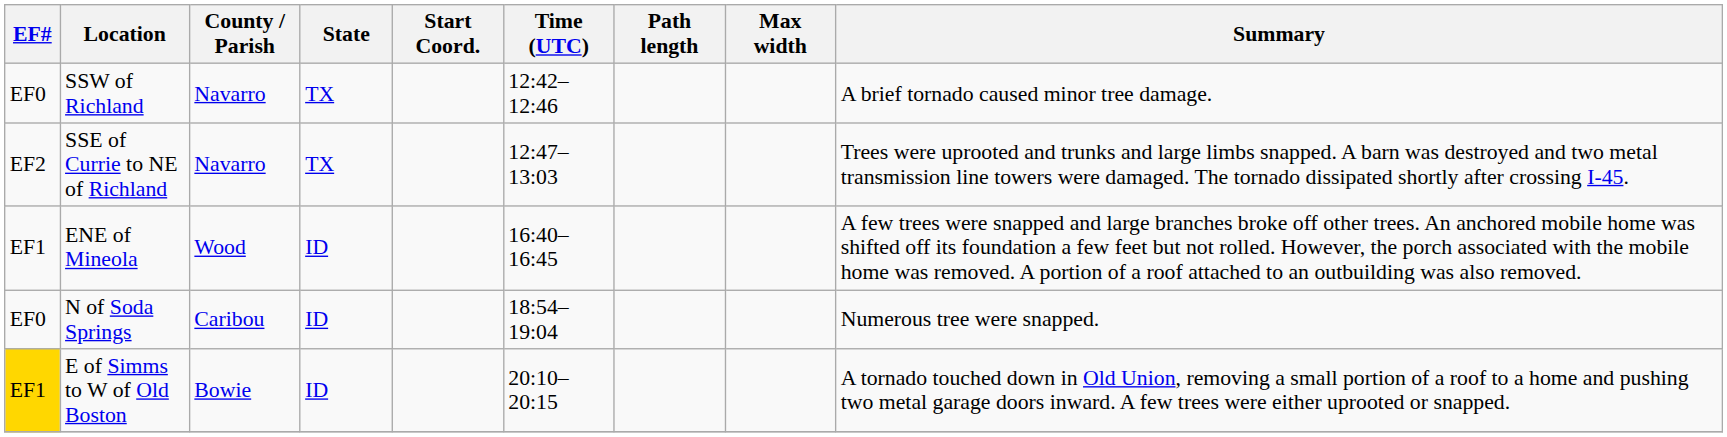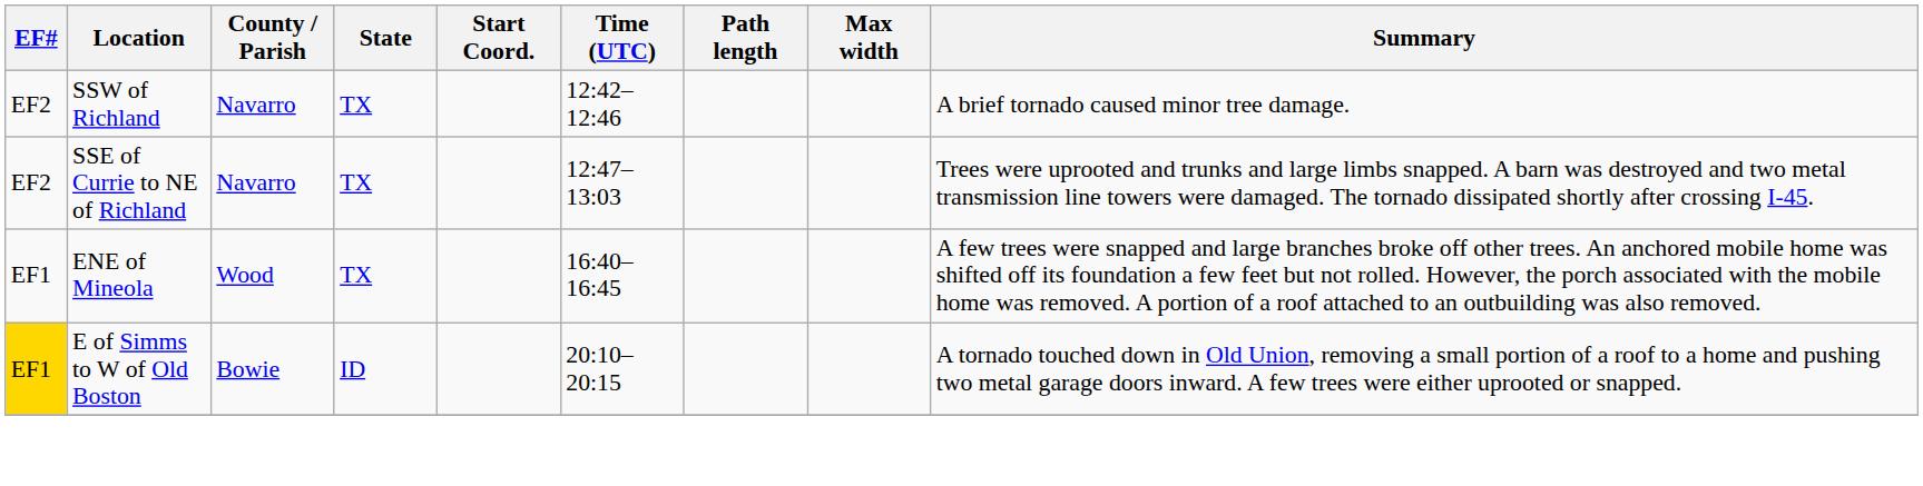 <table class="wikitable sortable" style="width:100%;">
 <tr>
 <th scope="col"  style="width:3%; text-align:center;"><a href='#'>EF#</a></th>
 <th scope="col"  style="width:7%; text-align:center;" class="unsortable">Location</th>
 <th scope="col"  style="width:6%; text-align:center;" class="unsortable">County / Parish</th>
 <th scope="col"  style="width:5%; text-align:center;">State</th>
 <th scope="col"  style="width:6%; text-align:center;">Start Coord.</th>
 <th scope="col"  style="width:6%; text-align:center;">Time (<a href='#'>UTC</a>)</th>
 <th scope="col"  style="width:6%; text-align:center;">Path length</th>
 <th scope="col"  style="width:6%; text-align:center;">Max width</th>
 <th scope="col" class="unsortable" style="width:48%; text-align:center;">Summary</th>
 </tr>
 <tr>
-<td>EF0</td>
+<td>EF2</td>
 <td>SSW of <a href='#'>Richland</a></td>
 <td><a href='#'>Navarro</a></td>
 <td><a href='#'>TX</a></td>
 <td></td>
 <td>12:42–12:46</td>
 <td></td>
 <td></td>
 <td>A brief tornado caused minor tree damage.</td>
 </tr>
 <tr>
 <td>EF2</td>
 <td>SSE of <a href='#'>Currie</a> to NE of <a href='#'>Richland</a></td>
 <td><a href='#'>Navarro</a></td>
 <td><a href='#'>TX</a></td>
 <td></td>
 <td>12:47–13:03</td>
 <td></td>
 <td></td>
 <td>Trees were uprooted and trunks and large limbs snapped. A barn was destroyed and two metal transmission line towers were damaged. The tornado dissipated shortly after crossing <a href='#'>I-45</a>.</td>
 </tr>
 <tr>
 <td>EF1</td>
 <td>ENE of <a href='#'>Mineola</a></td>
 <td><a href='#'>Wood</a></td>
-<td><a href='#'>ID</a></td>
+<td><a href='#'>TX</a></td>
 <td></td>
 <td>16:40–16:45</td>
 <td></td>
 <td></td>
 <td>A few trees were snapped and large branches broke off other trees. An anchored mobile home was shifted off its foundation a few feet but not rolled. However, the porch associated with the mobile home was removed. A portion of a roof attached to an outbuilding was also removed.</td>
-</tr>
-<tr>
-<td>EF0</td>
-<td>N of <a href='#'>Soda Springs</a></td>
-<td><a href='#'>Caribou</a></td>
-<td><a href='#'>ID</a></td>
-<td></td>
-<td>18:54–19:04</td>
-<td></td>
-<td></td>
-<td>Numerous tree were snapped.</td>
 </tr>
 <tr>
 <td style="background: gold;">EF1</td>
 <td>E of <a href='#'>Simms</a> to W of <a href='#'>Old Boston</a></td>
 <td><a href='#'>Bowie</a></td>
 <td><a href='#'>ID</a></td>
 <td></td>
 <td>20:10–20:15</td>
 <td></td>
 <td></td>
 <td>A tornado touched down in <a href='#'>Old Union</a>, removing a small portion of a roof to a home and pushing two metal garage doors inward. A few trees were either uprooted or snapped.</td>
 </tr>
 <tr>
 </tr>
 </table>
